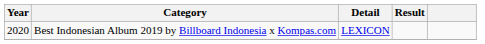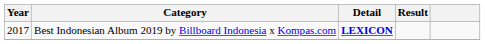 <table class="wikitable">
 <tr>
 <th>Year</th>
 <th>Category</th>
 <th>Detail</th>
 <th>Result</th>
 <th scope="col" style="width:4em;"></th>
 </tr>
 <tr>
-<td align="center" rowspan="1">2020</td>
+<td align="center" rowspan="1">2017</td>
 <td>Best Indonesian Album 2019 by <a href='#'>Billboard Indonesia</a> x <a href='#'>Kompas.com</a></td>
-<td><a href='#'>LEXICON</a></td>
+<td><strong><a href='#'>LEXICON</a></strong></td>
 <td></td>
 <td rowspan="1" scope="row" style="text-align:center"></td>
 </tr>
 <tr>
 </tr>
 </table>
